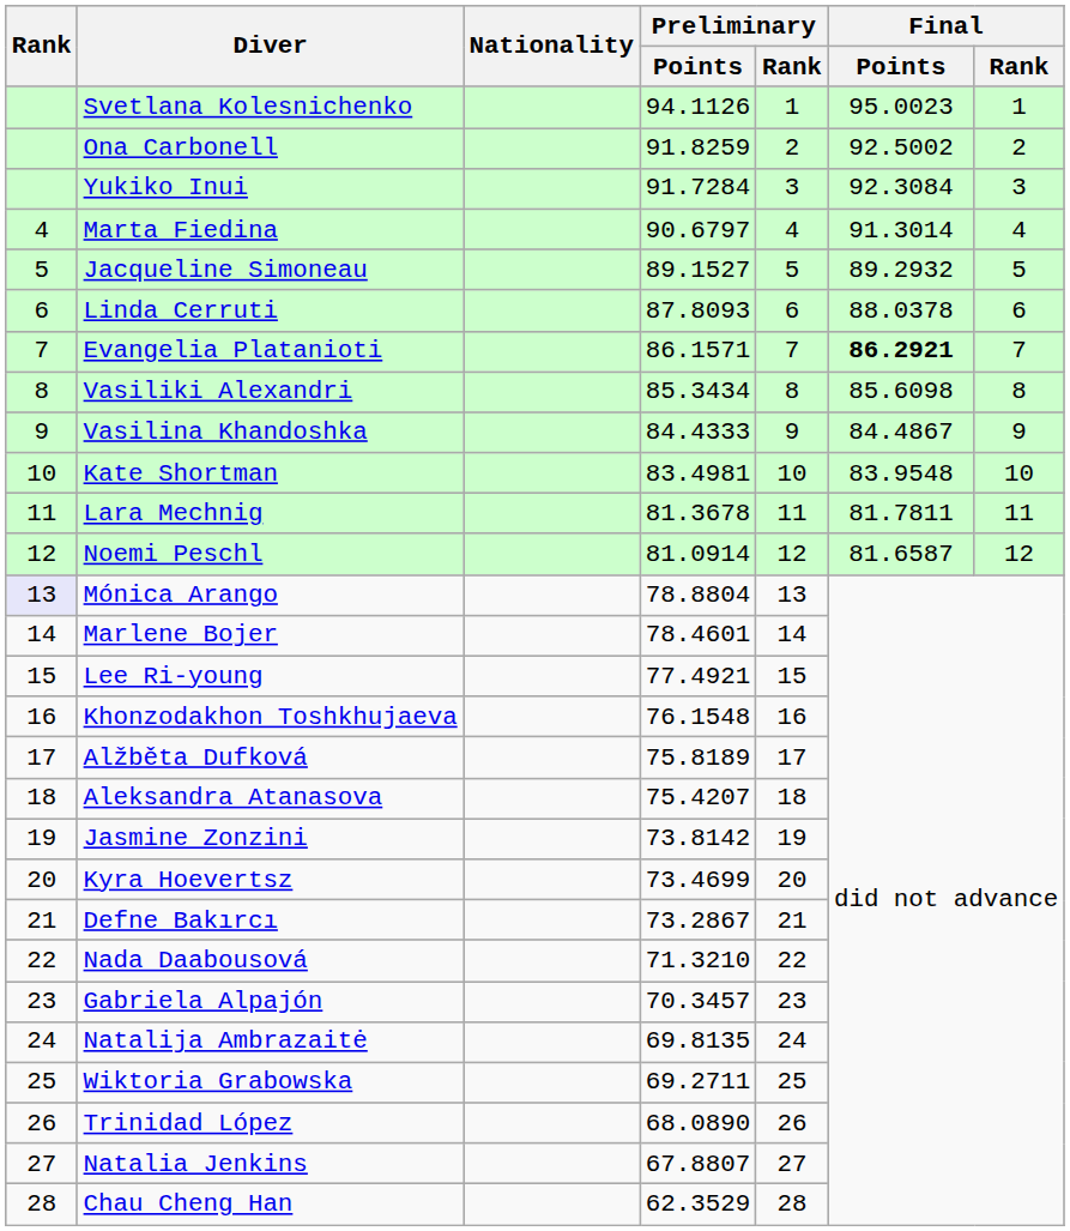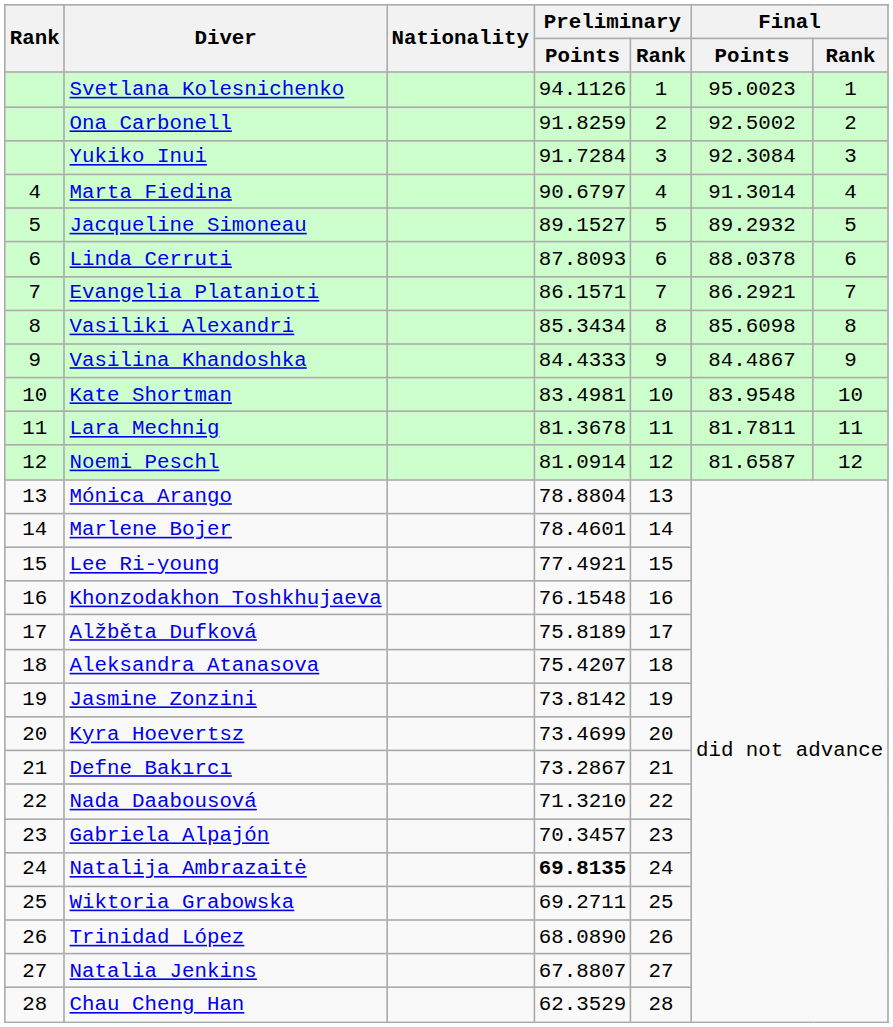 <table class="wikitable sortable" style="text-align:center">
 <tr>
 <th rowspan=2>Rank</th>
 <th rowspan=2>Diver</th>
 <th rowspan=2>Nationality</th>
 <th colspan=2>Preliminary</th>
 <th colspan=2>Final</th>
 </tr>
 <tr>
 <th>Points</th>
 <th>Rank</th>
 <th>Points</th>
 <th>Rank</th>
 </tr>
 <tr bgcolor=ccffcc>
 <td></td>
 <td align=left><a href='#'>Svetlana Kolesnichenko</a></td>
 <td align=left></td>
 <td>94.1126</td>
 <td>1</td>
 <td>95.0023</td>
 <td>1</td>
 </tr>
 <tr bgcolor=ccffcc>
 <td></td>
 <td align=left><a href='#'>Ona Carbonell</a></td>
 <td align=left></td>
 <td>91.8259</td>
 <td>2</td>
 <td>92.5002</td>
 <td>2</td>
 </tr>
 <tr bgcolor=ccffcc>
 <td></td>
 <td align=left><a href='#'>Yukiko Inui</a></td>
 <td align=left></td>
 <td>91.7284</td>
 <td>3</td>
 <td>92.3084</td>
 <td>3</td>
 </tr>
 <tr bgcolor=ccffcc>
 <td>4</td>
 <td align=left><a href='#'>Marta Fiedina</a></td>
 <td align=left></td>
 <td>90.6797</td>
 <td>4</td>
 <td>91.3014</td>
 <td>4</td>
 </tr>
 <tr bgcolor=ccffcc>
 <td>5</td>
 <td align=left><a href='#'>Jacqueline Simoneau</a></td>
 <td align=left></td>
 <td>89.1527</td>
 <td>5</td>
 <td>89.2932</td>
 <td>5</td>
 </tr>
 <tr bgcolor=ccffcc>
 <td>6</td>
 <td align=left><a href='#'>Linda Cerruti</a></td>
 <td align=left></td>
 <td>87.8093</td>
 <td>6</td>
 <td>88.0378</td>
 <td>6</td>
 </tr>
 <tr bgcolor=ccffcc>
 <td>7</td>
 <td align=left><a href='#'>Evangelia Platanioti</a></td>
 <td align=left></td>
 <td>86.1571</td>
 <td>7</td>
-<td><strong>86.2921</strong></td>
+<td>86.2921</td>
 <td>7</td>
 </tr>
 <tr bgcolor=ccffcc>
 <td>8</td>
 <td align=left><a href='#'>Vasiliki Alexandri</a></td>
 <td align=left></td>
 <td>85.3434</td>
 <td>8</td>
 <td>85.6098</td>
 <td>8</td>
 </tr>
 <tr bgcolor=ccffcc>
 <td>9</td>
 <td align=left><a href='#'>Vasilina Khandoshka</a></td>
 <td align=left></td>
 <td>84.4333</td>
 <td>9</td>
 <td>84.4867</td>
 <td>9</td>
 </tr>
 <tr bgcolor=ccffcc>
 <td>10</td>
 <td align=left><a href='#'>Kate Shortman</a></td>
 <td align=left></td>
 <td>83.4981</td>
 <td>10</td>
 <td>83.9548</td>
 <td>10</td>
 </tr>
 <tr bgcolor=ccffcc>
 <td>11</td>
 <td align=left><a href='#'>Lara Mechnig</a></td>
 <td align=left></td>
 <td>81.3678</td>
 <td>11</td>
 <td>81.7811</td>
 <td>11</td>
 </tr>
 <tr bgcolor=ccffcc>
 <td>12</td>
 <td align=left><a href='#'>Noemi Peschl</a></td>
 <td align=left></td>
 <td>81.0914</td>
 <td>12</td>
 <td>81.6587</td>
 <td>12</td>
 </tr>
 <tr>
-<td style="background: lavender;">13</td>
+<td>13</td>
 <td align=left><a href='#'>Mónica Arango</a></td>
 <td align=left></td>
 <td>78.8804</td>
 <td>13</td>
 <td colspan=2 rowspan=16>did not advance</td>
 </tr>
 <tr>
 <td>14</td>
 <td align=left><a href='#'>Marlene Bojer</a></td>
 <td align=left></td>
 <td>78.4601</td>
 <td>14</td>
 </tr>
 <tr>
 <td>15</td>
 <td align=left><a href='#'>Lee Ri-young</a></td>
 <td align=left></td>
 <td>77.4921</td>
 <td>15</td>
 </tr>
 <tr>
 <td>16</td>
 <td align=left><a href='#'>Khonzodakhon Toshkhujaeva</a></td>
 <td align=left></td>
 <td>76.1548</td>
 <td>16</td>
 </tr>
 <tr>
 <td>17</td>
 <td align=left><a href='#'>Alžběta Dufková</a></td>
 <td align=left></td>
 <td>75.8189</td>
 <td>17</td>
 </tr>
 <tr>
 <td>18</td>
 <td align=left><a href='#'>Aleksandra Atanasova</a></td>
 <td align=left></td>
 <td>75.4207</td>
 <td>18</td>
 </tr>
 <tr>
 <td>19</td>
 <td align=left><a href='#'>Jasmine Zonzini</a></td>
 <td align=left></td>
 <td>73.8142</td>
 <td>19</td>
 </tr>
 <tr>
 <td>20</td>
 <td align=left><a href='#'>Kyra Hoevertsz</a></td>
 <td align=left></td>
 <td>73.4699</td>
 <td>20</td>
 </tr>
 <tr>
 <td>21</td>
 <td align=left><a href='#'>Defne Bakırcı</a></td>
 <td align=left></td>
 <td>73.2867</td>
 <td>21</td>
 </tr>
 <tr>
 <td>22</td>
 <td align=left><a href='#'>Nada Daabousová</a></td>
 <td align=left></td>
 <td>71.3210</td>
 <td>22</td>
 </tr>
 <tr>
 <td>23</td>
 <td align=left><a href='#'>Gabriela Alpajón</a></td>
 <td align=left></td>
 <td>70.3457</td>
 <td>23</td>
 </tr>
 <tr>
 <td>24</td>
 <td align=left><a href='#'>Natalija Ambrazaitė</a></td>
 <td align=left></td>
-<td>69.8135</td>
+<td><strong>69.8135</strong></td>
 <td>24</td>
 </tr>
 <tr>
 <td>25</td>
 <td align=left><a href='#'>Wiktoria Grabowska</a></td>
 <td align=left></td>
 <td>69.2711</td>
 <td>25</td>
 </tr>
 <tr>
 <td>26</td>
 <td align=left><a href='#'>Trinidad López</a></td>
 <td align=left></td>
 <td>68.0890</td>
 <td>26</td>
 </tr>
 <tr>
 <td>27</td>
 <td align=left><a href='#'>Natalia Jenkins</a></td>
 <td align=left></td>
 <td>67.8807</td>
 <td>27</td>
 </tr>
 <tr>
 <td>28</td>
 <td align=left><a href='#'>Chau Cheng Han</a></td>
 <td align=left></td>
 <td>62.3529</td>
 <td>28</td>
 </tr>
 </table>
